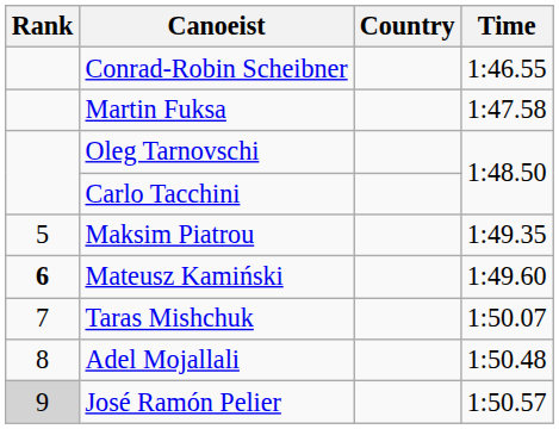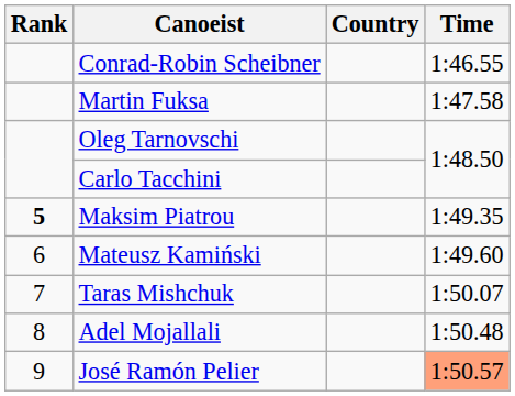 <table class="wikitable" style="text-align:center">
 <tr>
 <th>Rank</th>
 <th>Canoeist</th>
 <th>Country</th>
 <th>Time</th>
 </tr>
 <tr>
 <td></td>
 <td align="left"><a href='#'>Conrad-Robin Scheibner</a></td>
 <td align="left"></td>
 <td>1:46.55</td>
 </tr>
 <tr>
 <td></td>
 <td align="left"><a href='#'>Martin Fuksa</a></td>
 <td align="left"></td>
 <td>1:47.58</td>
 </tr>
 <tr>
 <td rowspan=2></td>
 <td align="left"><a href='#'>Oleg Tarnovschi</a></td>
 <td align="left"></td>
 <td rowspan=2>1:48.50</td>
 </tr>
 <tr>
 <td align="left"><a href='#'>Carlo Tacchini</a></td>
 <td align="left"></td>
 </tr>
 <tr>
-<td>5</td>
+<td><strong>5</strong></td>
 <td align="left"><a href='#'>Maksim Piatrou</a></td>
 <td align="left"></td>
 <td>1:49.35</td>
 </tr>
 <tr>
-<td><strong>6</strong></td>
+<td>6</td>
 <td align="left"><a href='#'>Mateusz Kamiński</a></td>
 <td align="left"></td>
 <td>1:49.60</td>
 </tr>
 <tr>
 <td>7</td>
 <td align="left"><a href='#'>Taras Mishchuk</a></td>
 <td align="left"></td>
 <td>1:50.07</td>
 </tr>
 <tr>
 <td>8</td>
 <td align="left"><a href='#'>Adel Mojallali</a></td>
 <td align="left"></td>
 <td>1:50.48</td>
 </tr>
 <tr>
-<td style="background: lightgrey;">9</td>
+<td>9</td>
 <td align="left"><a href='#'>José Ramón Pelier</a></td>
 <td align="left"></td>
-<td>1:50.57</td>
+<td style="background: lightsalmon;">1:50.57</td>
 </tr>
 </table>
